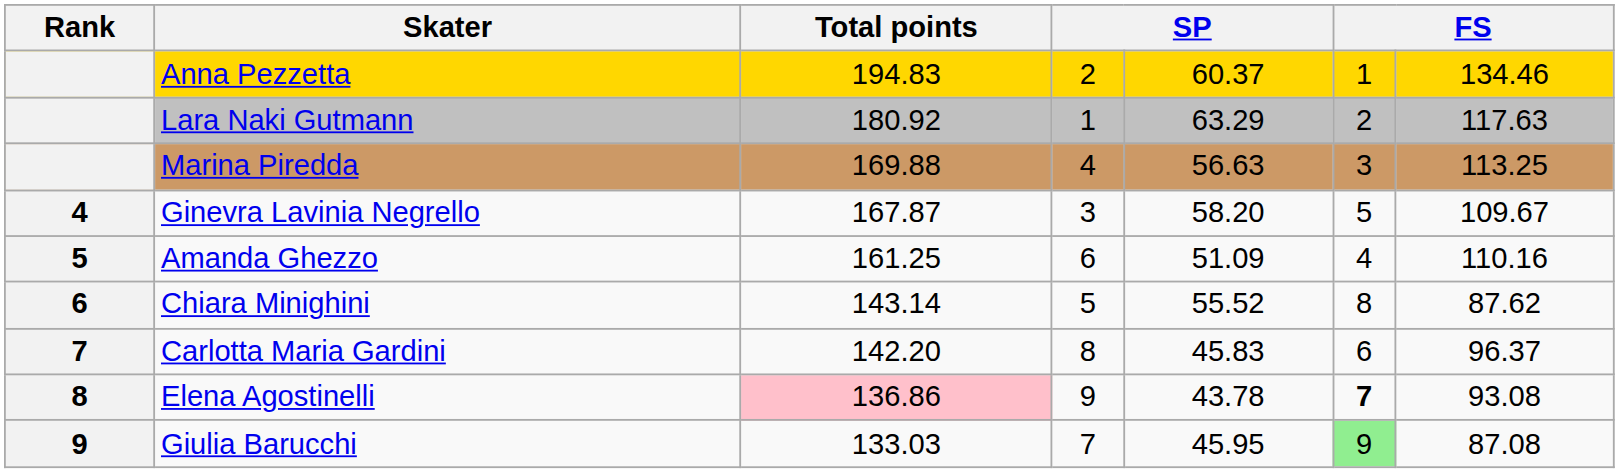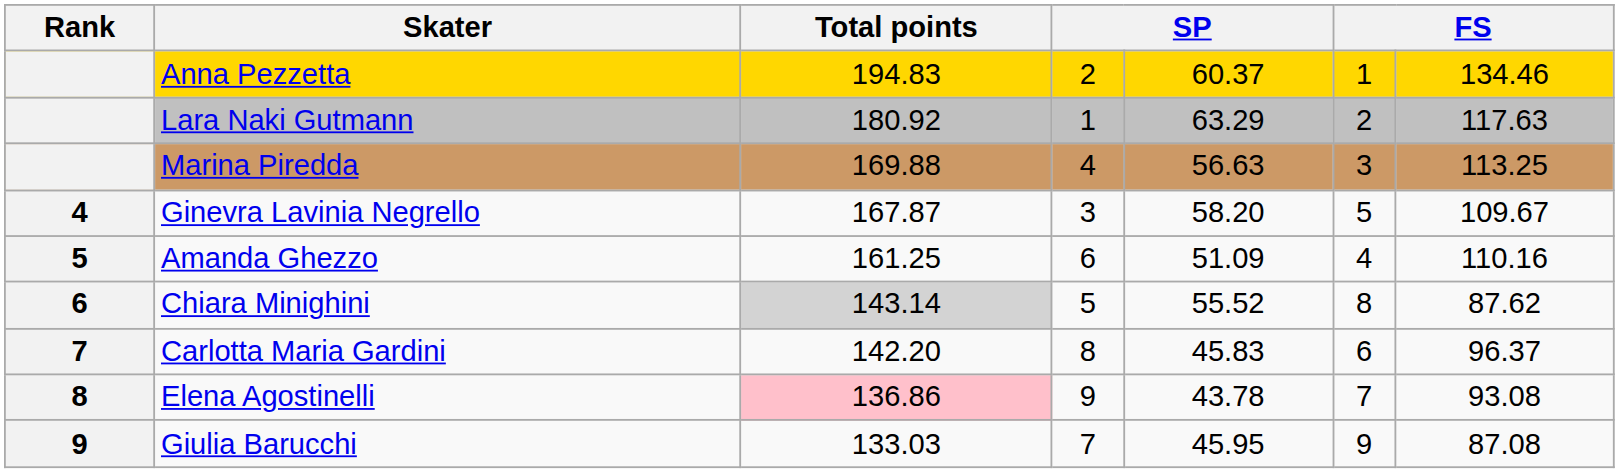 <table class="wikitable sortable" style="text-align:center;" width="70%">
 <tr>
 <th scope="col">Rank</th>
 <th scope="col">Skater</th>
 <th scope="col">Total points</th>
 <th scope="col" colspan="2" width="80px"><a href='#'>SP</a></th>
 <th scope="col" colspan="2" width="80px"><a href='#'>FS</a></th>
 </tr>
 <tr bgcolor="gold">
 <th scope="row"></th>
 <td align="left"><a href='#'>Anna Pezzetta</a></td>
 <td>194.83</td>
 <td>2</td>
 <td>60.37</td>
 <td>1</td>
 <td>134.46</td>
 </tr>
 <tr bgcolor="silver">
 <th scope="row"></th>
 <td align="left"><a href='#'>Lara Naki Gutmann</a></td>
 <td>180.92</td>
 <td>1</td>
 <td>63.29</td>
 <td>2</td>
 <td>117.63</td>
 </tr>
 <tr bgcolor="cc9966">
 <th scope="row"></th>
 <td align="left"><a href='#'>Marina Piredda</a></td>
 <td>169.88</td>
 <td>4</td>
 <td>56.63</td>
 <td>3</td>
 <td>113.25</td>
 </tr>
 <tr>
 <th scope="row">4</th>
 <td align="left"><a href='#'>Ginevra Lavinia Negrello</a></td>
 <td>167.87</td>
 <td>3</td>
 <td>58.20</td>
 <td>5</td>
 <td>109.67</td>
 </tr>
 <tr>
 <th scope="row">5</th>
 <td align="left"><a href='#'>Amanda Ghezzo</a></td>
 <td>161.25</td>
 <td>6</td>
 <td>51.09</td>
 <td>4</td>
 <td>110.16</td>
 </tr>
 <tr>
 <th scope="row">6</th>
 <td align="left"><a href='#'>Chiara Minighini</a></td>
-<td>143.14</td>
+<td style="background: lightgrey;">143.14</td>
 <td>5</td>
 <td>55.52</td>
 <td>8</td>
 <td>87.62</td>
 </tr>
 <tr>
 <th scope="row">7</th>
 <td align="left"><a href='#'>Carlotta Maria Gardini</a></td>
 <td>142.20</td>
 <td>8</td>
 <td>45.83</td>
 <td>6</td>
 <td>96.37</td>
 </tr>
 <tr>
 <th scope="row">8</th>
 <td align="left"><a href='#'>Elena Agostinelli</a></td>
 <td style="background: pink;">136.86</td>
 <td>9</td>
 <td>43.78</td>
-<td><strong>7</strong></td>
+<td>7</td>
 <td>93.08</td>
 </tr>
 <tr>
 <th scope="row">9</th>
 <td align="left"><a href='#'>Giulia Barucchi</a></td>
 <td>133.03</td>
 <td>7</td>
 <td>45.95</td>
-<td style="background: lightgreen;">9</td>
+<td>9</td>
 <td>87.08</td>
 </tr>
 </table>
